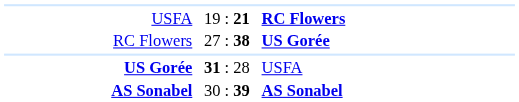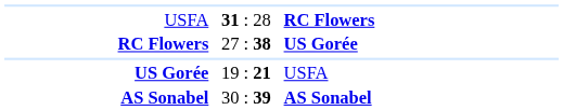 <table style="text-align:center" width=500>
 <tr>
 <th width=30%></th>
 <th width=10%></th>
 <th width=30%></th>
 <th width=10%></th>
 </tr>
 <tr align="left" bgcolor=#D0E7FF>
 <td colspan=4></td>
 </tr>
 <tr>
 <td align="right"><a href='#'>USFA</a> </td>
-<td>19 : <strong>21</strong></td>
+<td><strong>31</strong> : 28</td>
 <td align=left> <strong><a href='#'>RC Flowers</a></strong></td>
 </tr>
 <tr>
-<td align="right"><a href='#'>RC Flowers</a> </td>
+<td align="right"><strong><a href='#'>RC Flowers</a> </strong></td>
 <td>27 : <strong>38</strong></td>
 <td align=left> <strong><a href='#'>US Gorée</a></strong></td>
 </tr>
 <tr align="left" bgcolor=#D0E7FF>
 <td colspan=4></td>
 </tr>
 <tr>
 <td align="right"><strong><a href='#'>US Gorée</a></strong> </td>
-<td><strong>31</strong> : 28</td>
+<td>19 : <strong>21</strong></td>
 <td align=left> <a href='#'>USFA</a></td>
 </tr>
 <tr>
 <td align="right"><strong><a href='#'>AS Sonabel</a> </strong></td>
 <td>30 : <strong>39</strong></td>
 <td align=left> <strong><a href='#'>AS Sonabel</a></strong></td>
 </tr>
 </table>
